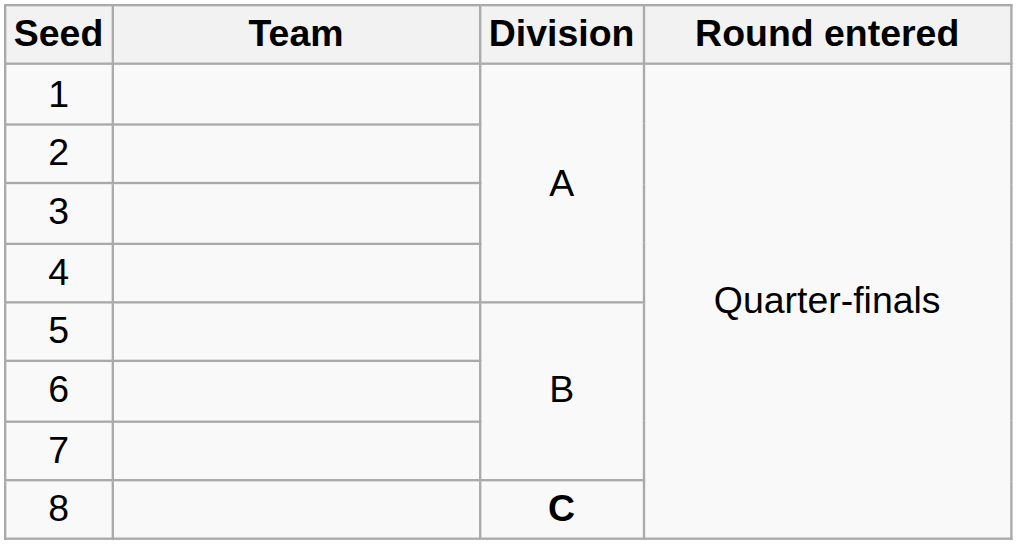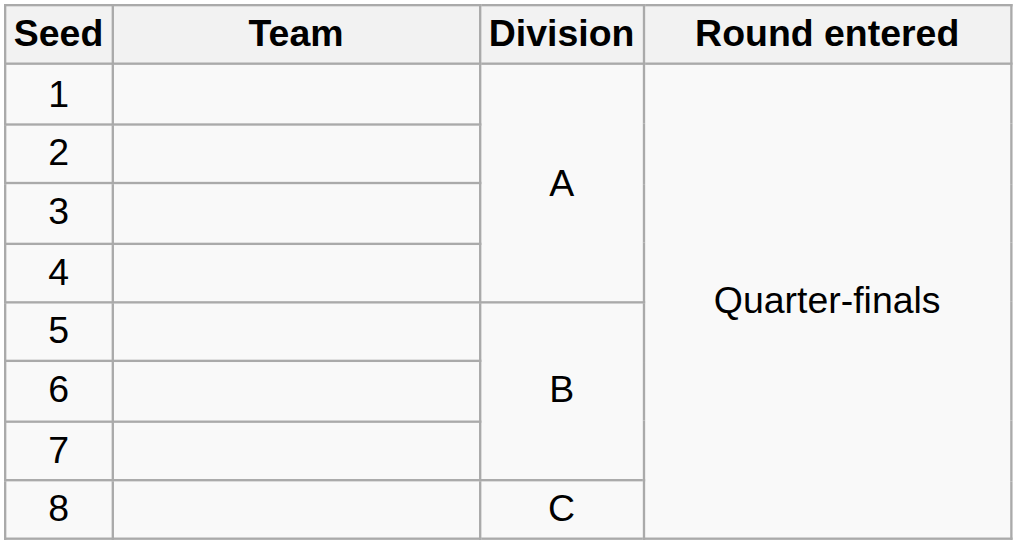 <table class="wikitable" style="text-align: center; font-size: 100%;">
 <tr>
 <th>Seed</th>
 <th width=150>Team</th>
 <th>Division</th>
 <th width=150>Round entered</th>
 </tr>
 <tr>
 <td>1</td>
 <td align=left></td>
 <td rowspan=4>A</td>
 <td rowspan=8>Quarter-finals</td>
 </tr>
 <tr>
 <td>2</td>
 <td align=left></td>
 </tr>
 <tr>
 <td>3</td>
 <td align=left></td>
 </tr>
 <tr>
 <td>4</td>
 <td align=left></td>
 </tr>
 <tr>
 <td>5</td>
 <td align=left></td>
 <td rowspan=3>B</td>
 </tr>
 <tr>
 <td>6</td>
 <td align=left></td>
 </tr>
 <tr>
 <td>7</td>
 <td align=left></td>
 </tr>
 <tr>
 <td>8</td>
 <td align=left></td>
-<td><strong>C</strong></td>
+<td>C</td>
 </tr>
 </table>
